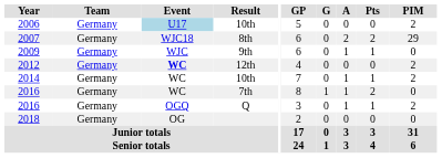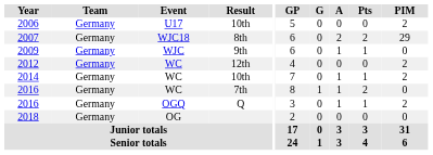 <table border="0" cellpadding="1" cellspacing="0" ID="Table3" style="text-align:center; width:40em">
 <tr ALIGN="center" bgcolor="#e0e0e0">
 <th>Year</th>
 <th>Team</th>
 <th>Event</th>
 <th>Result</th>
 <th rowspan="99" bgcolor="#ffffff"></th>
 <th>GP</th>
 <th>G</th>
 <th>A</th>
 <th>Pts</th>
 <th>PIM</th>
 </tr>
 <tr>
 <td><a href='#'>2006</a></td>
 <td><a href='#'>Germany</a></td>
-<td style="background: lightblue;"><a href='#'>U17</a></td>
+<td><a href='#'>U17</a></td>
 <td>10th</td>
 <td>5</td>
 <td>0</td>
 <td>0</td>
 <td>0</td>
 <td>2</td>
 </tr>
 <tr bgcolor="#f0f0f0">
 <td><a href='#'>2007</a></td>
 <td>Germany</td>
 <td><a href='#'>WJC18</a></td>
 <td>8th</td>
 <td>6</td>
 <td>0</td>
 <td>2</td>
 <td>2</td>
 <td>29</td>
 </tr>
 <tr>
 <td><a href='#'>2009</a></td>
 <td><a href='#'>Germany</a></td>
 <td><a href='#'>WJC</a></td>
 <td>9th</td>
 <td>6</td>
 <td>0</td>
 <td>1</td>
 <td>1</td>
 <td>0</td>
 </tr>
 <tr bgcolor="#f0f0f0">
 <td><a href='#'>2012</a></td>
 <td><a href='#'>Germany</a></td>
-<td><strong><a href='#'>WC</a></strong></td>
+<td><a href='#'>WC</a></td>
 <td>12th</td>
 <td>4</td>
 <td>0</td>
 <td>0</td>
 <td>0</td>
 <td>2</td>
 </tr>
 <tr>
 <td><a href='#'>2014</a></td>
 <td>Germany</td>
 <td>WC</td>
 <td>10th</td>
 <td>7</td>
 <td>0</td>
 <td>1</td>
 <td>1</td>
 <td>2</td>
 </tr>
 <tr bgcolor="#f0f0f0">
 <td><a href='#'>2016</a></td>
 <td>Germany</td>
 <td>WC</td>
 <td>7th</td>
 <td>8</td>
 <td>1</td>
 <td>1</td>
 <td>2</td>
 <td>0</td>
 </tr>
 <tr>
 <td><a href='#'>2016</a></td>
 <td>Germany</td>
 <td><a href='#'>OGQ</a></td>
 <td>Q</td>
 <td>3</td>
 <td>0</td>
 <td>1</td>
 <td>1</td>
 <td>2</td>
 </tr>
 <tr bgcolor="#f0f0f0">
 <td><a href='#'>2018</a></td>
 <td>Germany</td>
 <td>OG</td>
 <td></td>
 <td>2</td>
 <td>0</td>
 <td>0</td>
 <td>0</td>
 <td>0</td>
 </tr>
 <tr bgcolor="#e0e0e0">
 <th colspan="4">Junior totals</th>
 <th>17</th>
 <th>0</th>
 <th>3</th>
 <th>3</th>
 <th>31</th>
 </tr>
 <tr bgcolor="#e0e0e0">
 <th colspan="4">Senior totals</th>
 <th>24</th>
 <th>1</th>
 <th>3</th>
 <th>4</th>
 <th>6</th>
 </tr>
 </table>
